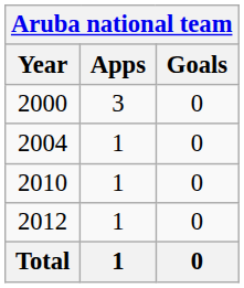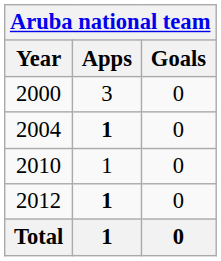 <table class="wikitable" style="text-align:center">
 <tr>
 <th colspan=3><a href='#'>Aruba national team</a></th>
 </tr>
 <tr>
 <th>Year</th>
 <th>Apps</th>
 <th>Goals</th>
 </tr>
 <tr>
 <td>2000</td>
 <td>3</td>
 <td>0</td>
 </tr>
 <tr>
 <td>2004</td>
-<td>1</td>
+<td><strong>1</strong></td>
 <td>0</td>
 </tr>
 <tr>
 <td>2010</td>
 <td>1</td>
 <td>0</td>
 </tr>
 <tr>
 <td>2012</td>
-<td>1</td>
+<td><strong>1</strong></td>
 <td>0</td>
 </tr>
 <tr>
 <th>Total</th>
 <th>1</th>
 <th>0</th>
 </tr>
 </table>
